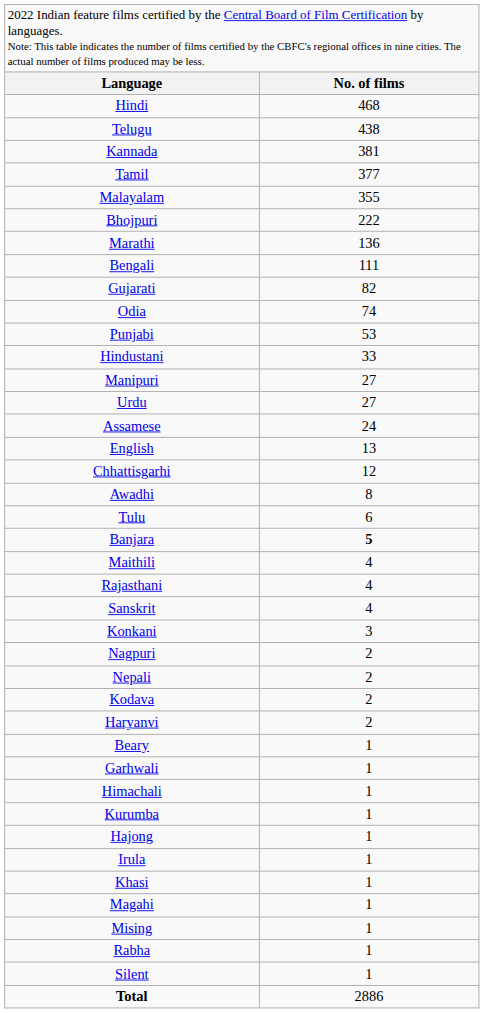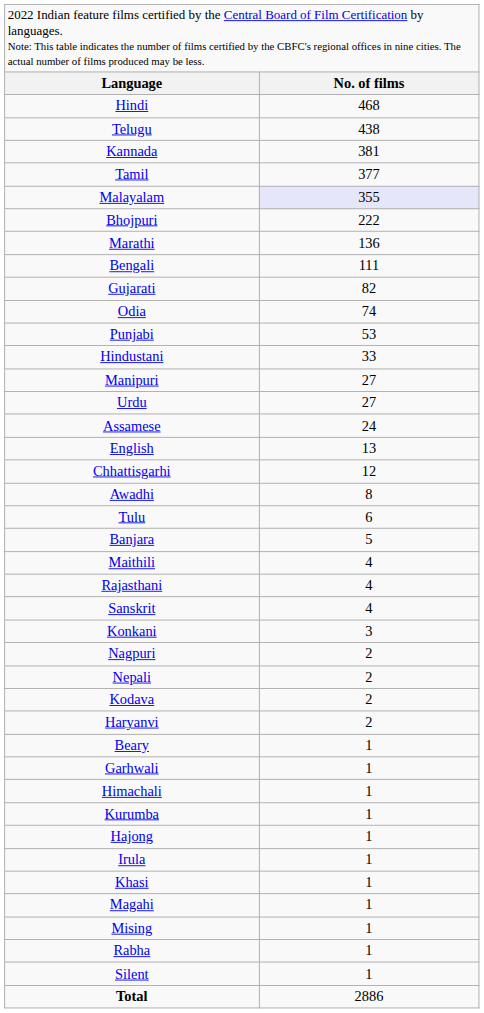 <table class="wikitable" style="width:33em; text-align:center; margin-left:auto; margin-right:auto;">
 <tr>
 <td colspan="2" style="font-size:90%; text-align:left;">2022 Indian feature films certified by the <a href='#'>Central Board of Film Certification</a> by languages.<br><small>Note: This table indicates the number of films certified by the CBFC's regional offices in nine cities. The actual number of films produced may be less.</small></td>
 </tr>
 <tr>
 <th>Language</th>
 <th>No. of films</th>
 </tr>
 <tr>
 <td><a href='#'>Hindi</a></td>
 <td>468</td>
 </tr>
 <tr>
 <td><a href='#'>Telugu</a></td>
 <td>438</td>
 </tr>
 <tr>
 <td><a href='#'>Kannada</a></td>
 <td>381</td>
 </tr>
 <tr>
 <td><a href='#'>Tamil</a></td>
 <td>377</td>
 </tr>
 <tr>
 <td><a href='#'>Malayalam</a></td>
-<td>355</td>
+<td style="background: lavender;">355</td>
 </tr>
 <tr>
 <td><a href='#'>Bhojpuri</a></td>
 <td>222</td>
 </tr>
 <tr>
 <td><a href='#'>Marathi</a></td>
 <td>136</td>
 </tr>
 <tr>
 <td><a href='#'>Bengali</a></td>
 <td>111</td>
 </tr>
 <tr>
 <td><a href='#'>Gujarati</a></td>
 <td>82</td>
 </tr>
 <tr>
 <td><a href='#'>Odia</a></td>
 <td>74</td>
 </tr>
 <tr>
 <td><a href='#'>Punjabi</a></td>
 <td>53</td>
 </tr>
 <tr>
 <td><a href='#'>Hindustani</a></td>
 <td>33</td>
 </tr>
 <tr>
 <td><a href='#'>Manipuri</a></td>
 <td>27</td>
 </tr>
 <tr>
 <td><a href='#'>Urdu</a></td>
 <td>27</td>
 </tr>
 <tr>
 <td><a href='#'>Assamese</a></td>
 <td>24</td>
 </tr>
 <tr>
 <td><a href='#'>English</a></td>
 <td>13</td>
 </tr>
 <tr>
 <td><a href='#'>Chhattisgarhi</a></td>
 <td>12</td>
 </tr>
 <tr>
 <td><a href='#'>Awadhi</a></td>
 <td>8</td>
 </tr>
 <tr>
 <td><a href='#'>Tulu</a></td>
 <td>6</td>
 </tr>
 <tr>
 <td><a href='#'>Banjara</a></td>
-<td><strong>5</strong></td>
+<td>5</td>
 </tr>
 <tr>
 <td><a href='#'>Maithili</a></td>
 <td>4</td>
 </tr>
 <tr>
 <td><a href='#'>Rajasthani</a></td>
 <td>4</td>
 </tr>
 <tr>
 <td><a href='#'>Sanskrit</a></td>
 <td>4</td>
 </tr>
 <tr>
 <td><a href='#'>Konkani</a></td>
 <td>3</td>
 </tr>
 <tr>
 <td><a href='#'>Nagpuri</a></td>
 <td>2</td>
 </tr>
 <tr>
 <td><a href='#'>Nepali</a></td>
 <td>2</td>
 </tr>
 <tr>
 <td><a href='#'>Kodava</a></td>
 <td>2</td>
 </tr>
 <tr>
 <td><a href='#'>Haryanvi</a></td>
 <td>2</td>
 </tr>
 <tr>
 <td><a href='#'>Beary</a></td>
 <td>1</td>
 </tr>
 <tr>
 <td><a href='#'>Garhwali</a></td>
 <td>1</td>
 </tr>
 <tr>
 <td><a href='#'>Himachali</a></td>
 <td>1</td>
 </tr>
 <tr>
 <td><a href='#'>Kurumba</a></td>
 <td>1</td>
 </tr>
 <tr>
 <td><a href='#'>Hajong</a></td>
 <td>1</td>
 </tr>
 <tr>
 <td><a href='#'>Irula</a></td>
 <td>1</td>
 </tr>
 <tr>
 <td><a href='#'>Khasi</a></td>
 <td>1</td>
 </tr>
 <tr>
 <td><a href='#'>Magahi</a></td>
 <td>1</td>
 </tr>
 <tr>
 <td><a href='#'>Mising</a></td>
 <td>1</td>
 </tr>
 <tr>
 <td><a href='#'>Rabha</a></td>
 <td>1</td>
 </tr>
 <tr>
 <td><a href='#'>Silent</a></td>
 <td>1</td>
 </tr>
 <tr>
 <td><strong>Total</strong></td>
 <td>2886</td>
 </tr>
 </table>
